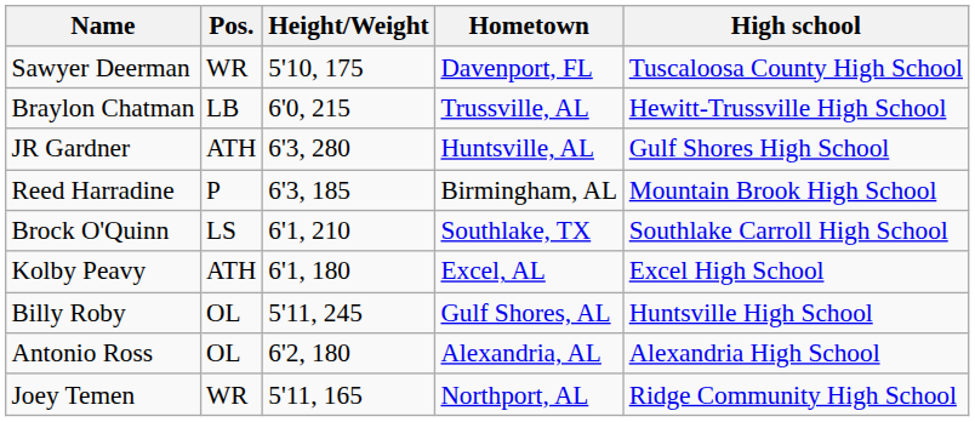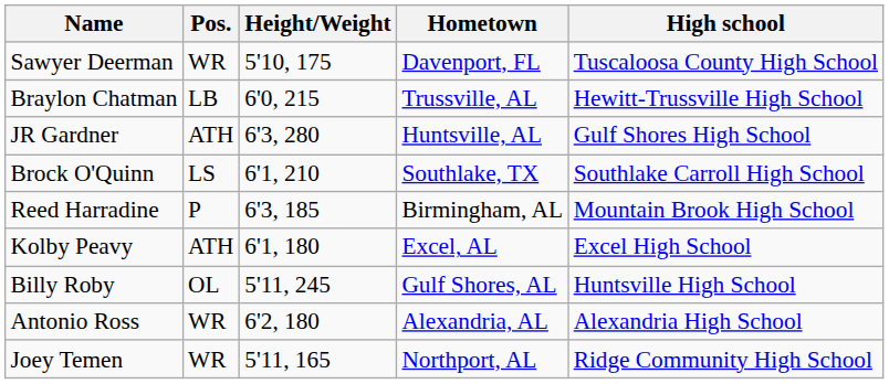 <table class="wikitable sortable">
 <tr>
 <th style="text-align:center; ">Name</th>
 <th style="text-align:center; ">Pos.</th>
 <th style="text-align:center; ">Height/Weight</th>
 <th style="text-align:center; ">Hometown</th>
 <th style="text-align:center; ">High school</th>
 </tr>
 <tr>
 <td>Sawyer Deerman</td>
 <td>WR</td>
 <td>5'10, 175</td>
 <td><a href='#'>Davenport, FL</a></td>
 <td><a href='#'>Tuscaloosa County High School</a></td>
 </tr>
 <tr>
 <td>Braylon Chatman</td>
 <td>LB</td>
 <td>6'0, 215</td>
 <td><a href='#'>Trussville, AL</a></td>
 <td><a href='#'>Hewitt-Trussville High School</a></td>
 </tr>
 <tr>
 <td>JR Gardner</td>
 <td>ATH</td>
 <td>6'3, 280</td>
 <td><a href='#'>Huntsville, AL</a></td>
 <td><a href='#'>Gulf Shores High School</a></td>
 </tr>
 <tr>
+<td>Brock O'Quinn</td>
+<td>LS</td>
+<td>6'1, 210</td>
+<td><a href='#'>Southlake, TX</a></td>
+<td><a href='#'>Southlake Carroll High School</a></td>
+</tr>
+<tr>
 <td>Reed Harradine</td>
 <td>P</td>
 <td>6'3, 185</td>
 <td>Birmingham, AL</td>
 <td><a href='#'>Mountain Brook High School</a></td>
-</tr>
-<tr>
-<td>Brock O'Quinn</td>
-<td>LS</td>
-<td>6'1, 210</td>
-<td><a href='#'>Southlake, TX</a></td>
-<td><a href='#'>Southlake Carroll High School</a></td>
 </tr>
 <tr>
 <td>Kolby Peavy</td>
 <td>ATH</td>
 <td>6'1, 180</td>
 <td><a href='#'>Excel, AL</a></td>
 <td><a href='#'>Excel High School</a></td>
 </tr>
 <tr>
 <td>Billy Roby</td>
 <td>OL</td>
 <td>5'11, 245</td>
 <td><a href='#'>Gulf Shores, AL</a></td>
 <td><a href='#'>Huntsville High School</a></td>
 </tr>
 <tr>
 <td>Antonio Ross</td>
-<td>OL</td>
+<td>WR</td>
 <td>6'2, 180</td>
 <td><a href='#'>Alexandria, AL</a></td>
 <td><a href='#'>Alexandria High School</a></td>
 </tr>
 <tr>
 <td>Joey Temen</td>
 <td>WR</td>
 <td>5'11, 165</td>
 <td><a href='#'>Northport, AL</a></td>
 <td><a href='#'>Ridge Community High School</a></td>
 </tr>
 </table>
